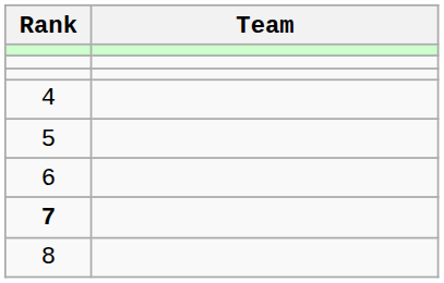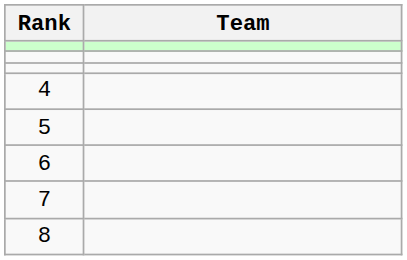 <table class="wikitable" style="text-align: center;">
 <tr>
 <th width=40>Rank</th>
 <th width=180>Team</th>
 </tr>
 <tr bgcolor=#CCFFCC>
 <td></td>
 <td style="text-align:left;"></td>
 </tr>
 <tr align=center>
 <td></td>
 <td style="text-align:left;"></td>
 </tr>
 <tr align=center>
 <td></td>
 <td style="text-align:left;"></td>
 </tr>
 <tr align=center>
 <td>4</td>
 <td style="text-align:left;"></td>
 </tr>
 <tr align=center>
 <td>5</td>
 <td style="text-align:left;"></td>
 </tr>
 <tr align=center>
 <td>6</td>
 <td style="text-align:left;"></td>
 </tr>
 <tr align=center>
-<td><strong>7</strong></td>
+<td>7</td>
 <td style="text-align:left;"></td>
 </tr>
 <tr align=center>
 <td>8</td>
 <td style="text-align:left;"></td>
 </tr>
 </table>
